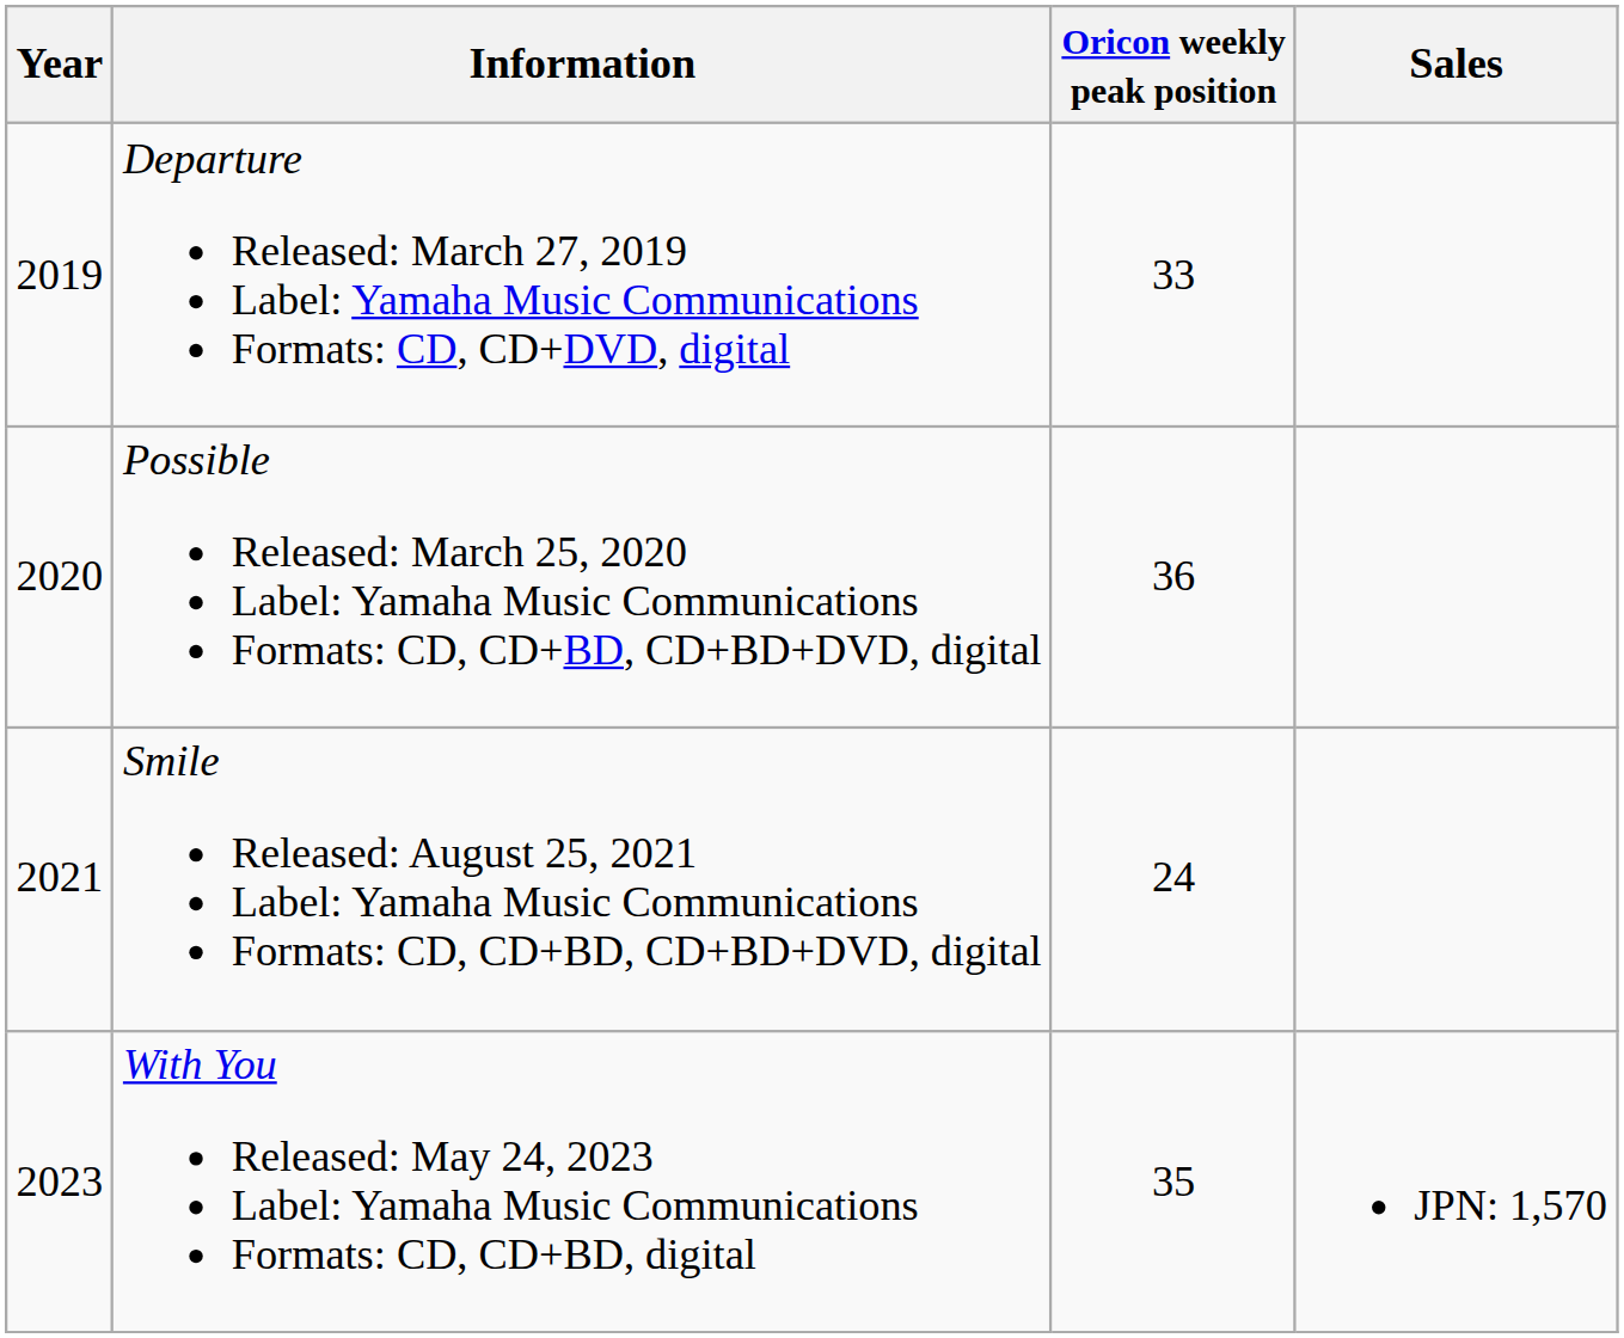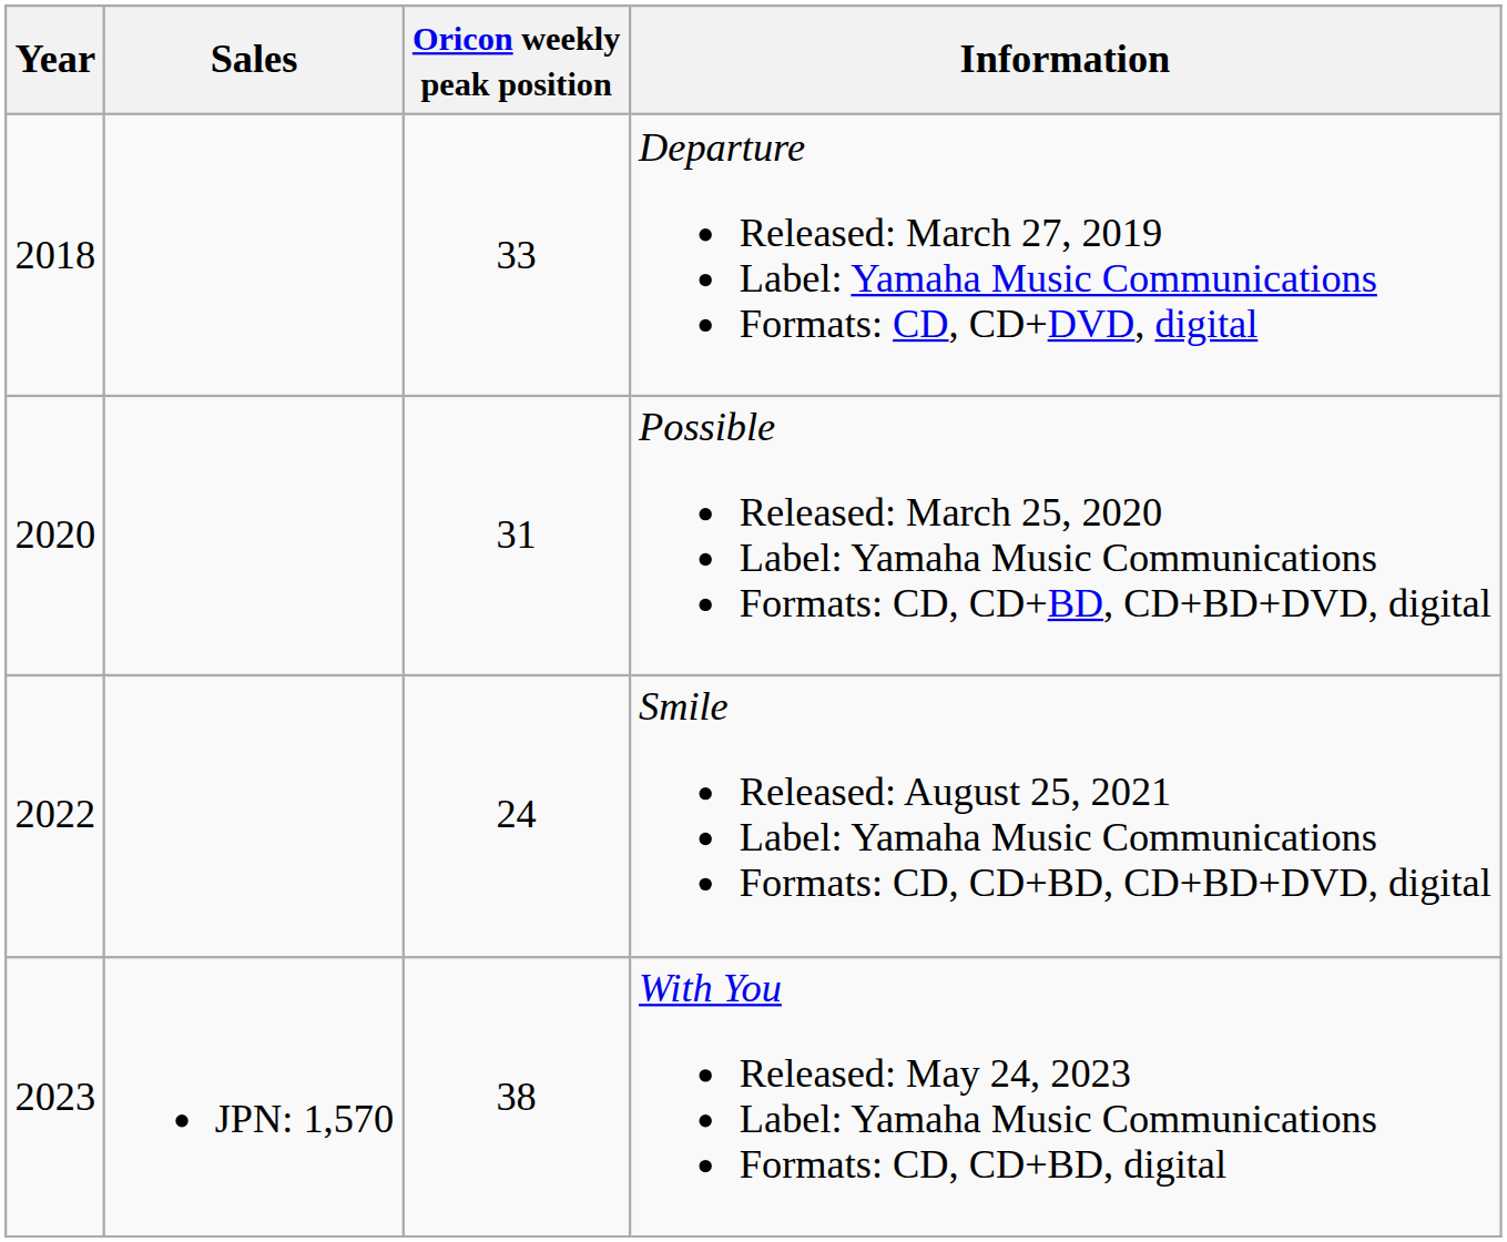 <table class="wikitable">
 <tr>
 <th>Year</th>
+<th>Sales<br></th>
+<th><small><a href='#'>Oricon</a> weekly<br>peak position</small></th>
 <th>Information</th>
-<th><small><a href='#'>Oricon</a> weekly<br>peak position</small></th>
-<th>Sales<br></th>
 </tr>
 <tr>
-<td>2019</td>
+<td>2018</td>
+<td align="left"></td>
+<td style="text-align:center;">33</td>
 <td><em>Departure</em><br><ul><li>Released: March 27, 2019</li><li>Label: <a href='#'>Yamaha Music Communications</a></li><li>Formats: <a href='#'>CD</a>, CD+<a href='#'>DVD</a>, <a href='#'>digital</a></li></ul></td>
-<td style="text-align:center;">33</td>
-<td align="left"></td>
 </tr>
 <tr>
 <td>2020</td>
+<td align="left"></td>
+<td style="text-align:center;">31</td>
 <td><em>Possible</em><br><ul><li>Released: March 25, 2020</li><li>Label: Yamaha Music Communications</li><li>Formats: CD, CD+<a href='#'>BD</a>, CD+BD+DVD, digital</li></ul></td>
-<td style="text-align:center;">36</td>
-<td align="left"></td>
 </tr>
 <tr>
-<td>2021</td>
+<td>2022</td>
+<td align="left"></td>
+<td style="text-align:center;">24</td>
 <td><em>Smile</em><br><ul><li>Released: August 25, 2021</li><li>Label: Yamaha Music Communications</li><li>Formats: CD, CD+BD, CD+BD+DVD, digital</li></ul></td>
-<td style="text-align:center;">24</td>
-<td align="left"></td>
 </tr>
 <tr>
 <td>2023</td>
+<td align="left"><br><ul><li>JPN: 1,570</li></ul></td>
+<td style="text-align:center;">38</td>
 <td><em><a href='#'>With You</a></em><br><ul><li>Released: May 24, 2023</li><li>Label: Yamaha Music Communications</li><li>Formats: CD, CD+BD, digital</li></ul></td>
-<td style="text-align:center;">35</td>
-<td align="left"><br><ul><li>JPN: 1,570</li></ul></td>
 </tr>
 </table>
